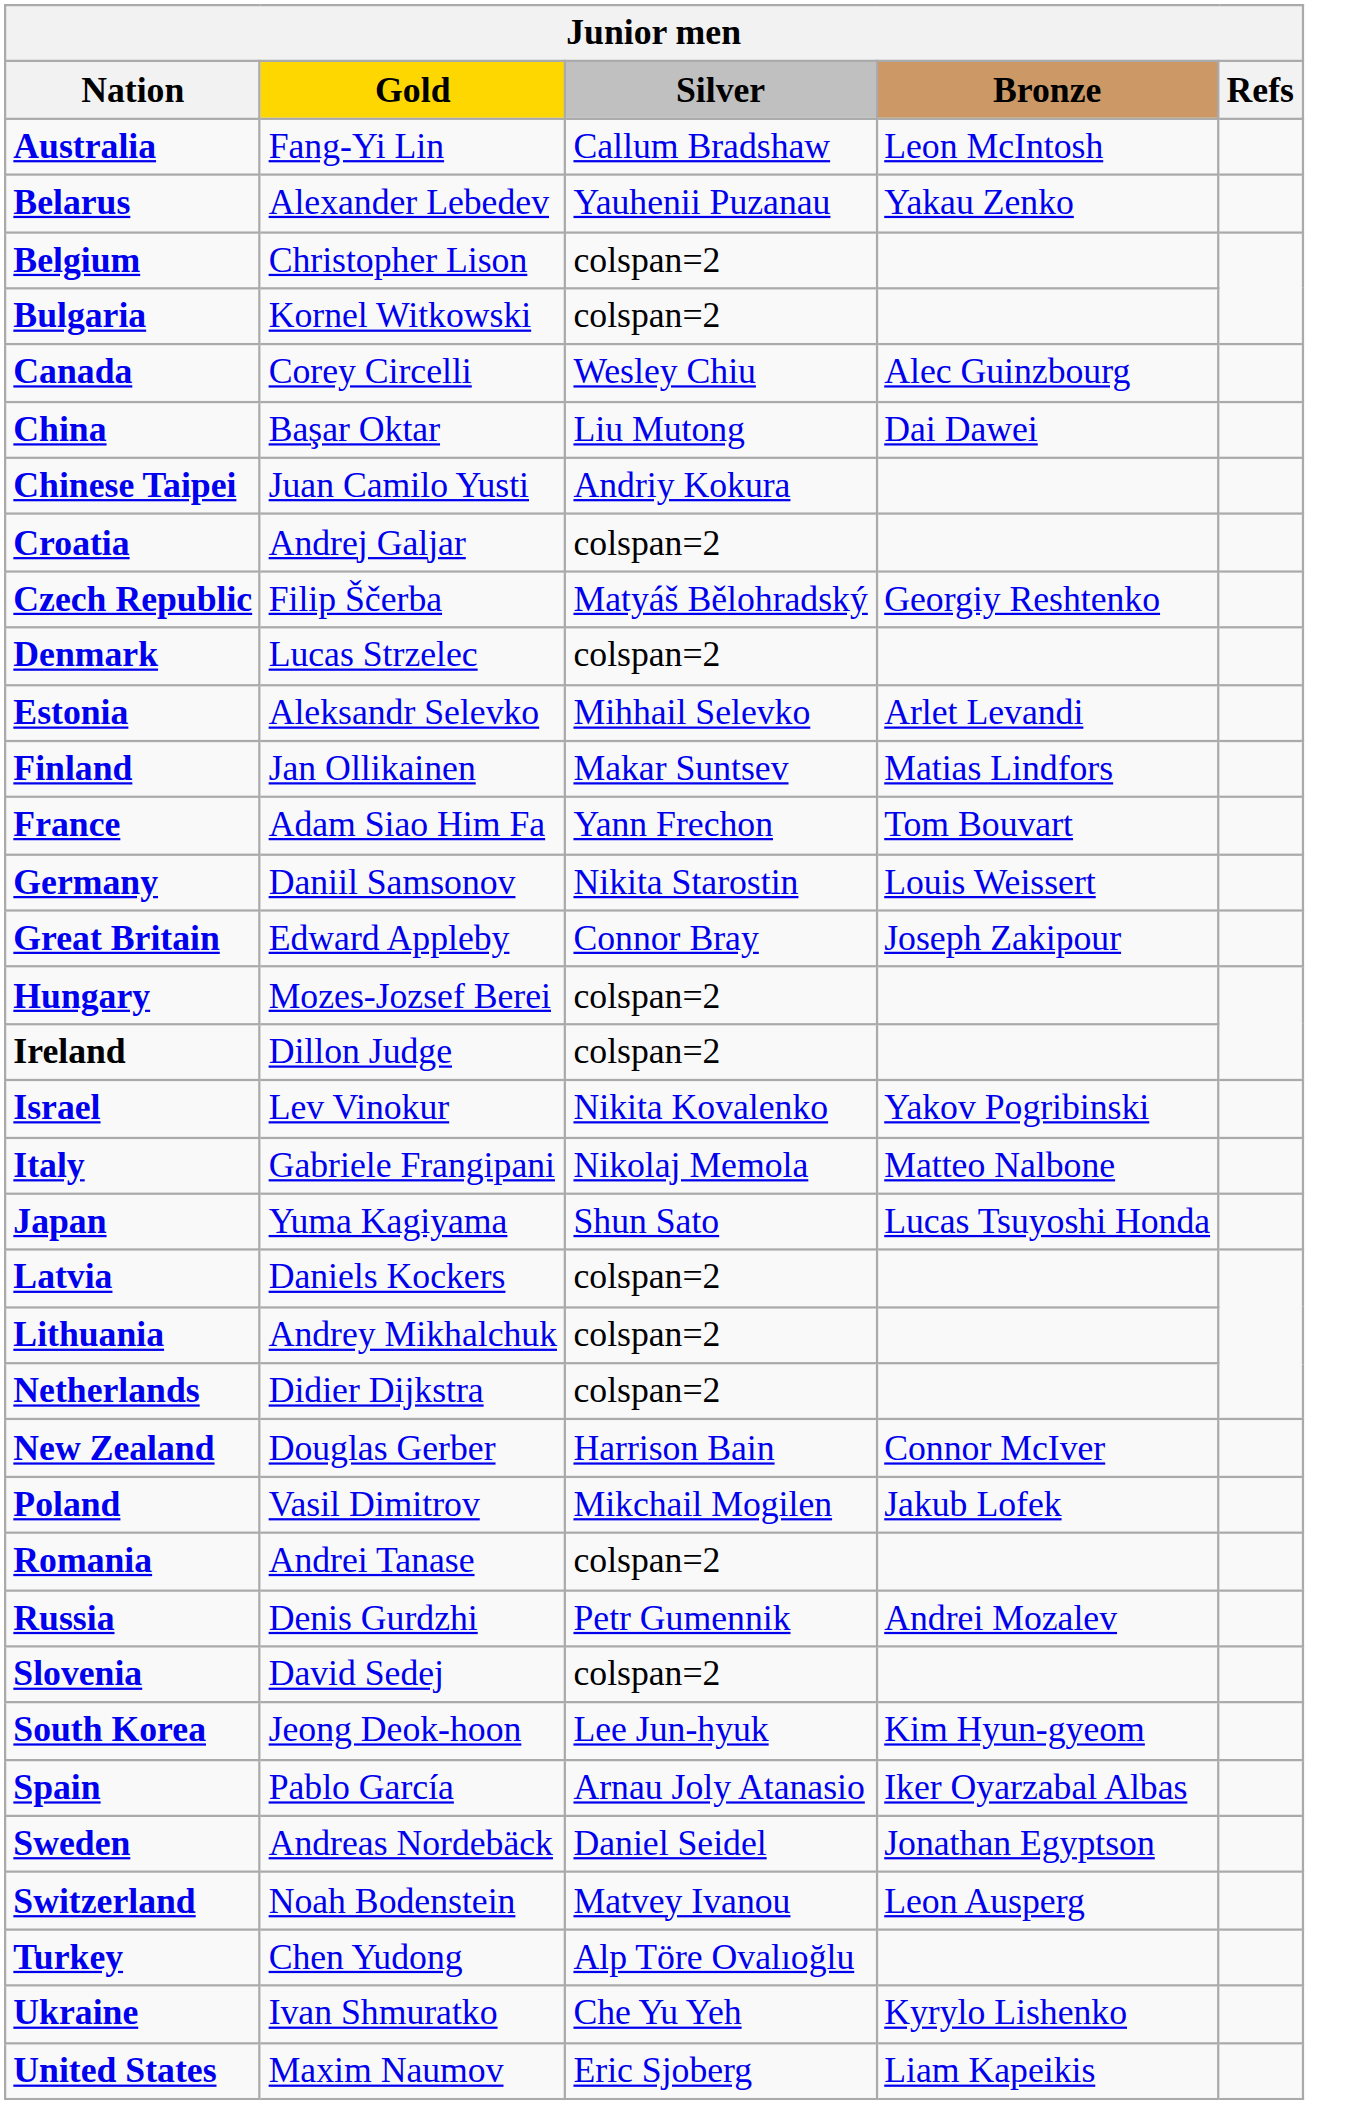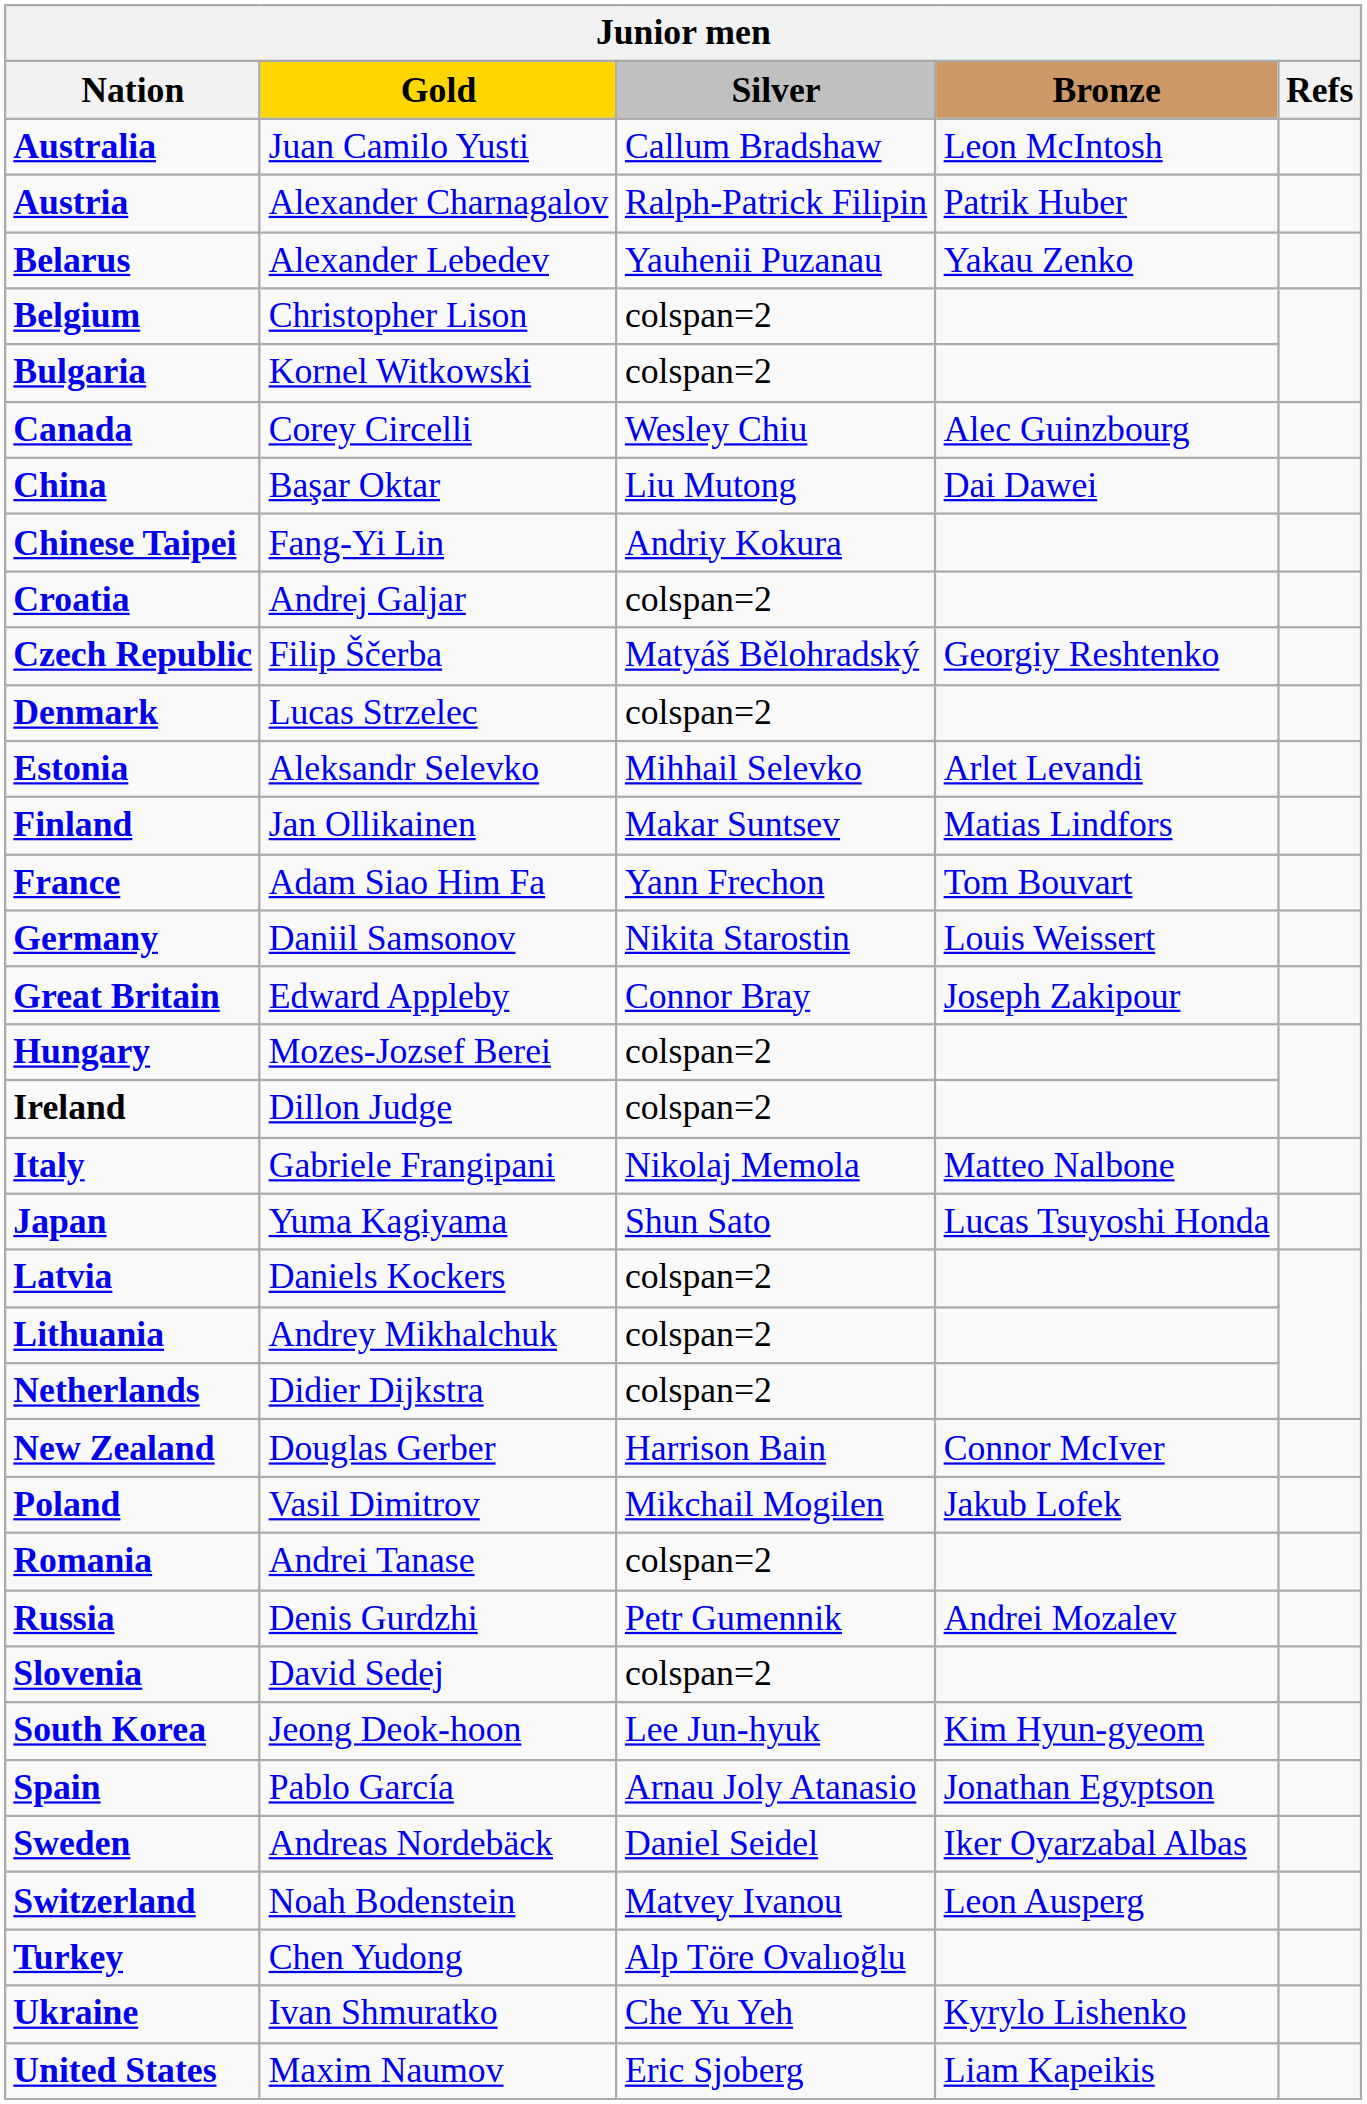 <table class="wikitable">
 <tr>
 <th colspan=5>Junior men</th>
 </tr>
 <tr>
 <th>Nation</th>
 <td style="text-align:center; background:gold;"><strong>Gold</strong></td>
 <td style="text-align:center; background:silver;"><strong>Silver</strong></td>
 <td style="text-align:center; background:#c96;"><strong>Bronze</strong></td>
 <th>Refs</th>
 </tr>
 <tr>
 <td><strong> <a href='#'>Australia</a></strong></td>
-<td><a href='#'>Fang-Yi Lin</a></td>
+<td><a href='#'>Juan Camilo Yusti</a></td>
 <td><a href='#'>Callum Bradshaw</a></td>
 <td><a href='#'>Leon McIntosh</a></td>
+<td></td>
+</tr>
+<tr>
+<td><strong> <a href='#'>Austria</a></strong></td>
+<td><a href='#'>Alexander Charnagalov</a></td>
+<td><a href='#'>Ralph-Patrick Filipin</a></td>
+<td><a href='#'>Patrik Huber</a></td>
 <td></td>
 </tr>
 <tr>
 <td><strong> <a href='#'>Belarus</a></strong></td>
 <td><a href='#'>Alexander Lebedev</a></td>
 <td><a href='#'>Yauhenii Puzanau</a></td>
 <td><a href='#'>Yakau Zenko</a></td>
 <td></td>
 </tr>
 <tr>
 <td><strong> <a href='#'>Belgium</a></strong></td>
 <td><a href='#'>Christopher Lison</a></td>
 <td>colspan=2 </td>
 <td></td>
 </tr>
 <tr>
 <td><strong> <a href='#'>Bulgaria</a></strong></td>
 <td><a href='#'>Kornel Witkowski</a></td>
 <td>colspan=2 </td>
 <td></td>
 </tr>
 <tr>
 <td><strong> <a href='#'>Canada</a></strong></td>
 <td><a href='#'>Corey Circelli</a></td>
 <td><a href='#'>Wesley Chiu</a></td>
 <td><a href='#'>Alec Guinzbourg</a></td>
 <td></td>
 </tr>
 <tr>
 <td><strong> <a href='#'>China</a></strong></td>
 <td><a href='#'>Başar Oktar</a></td>
 <td><a href='#'>Liu Mutong</a></td>
 <td><a href='#'>Dai Dawei</a></td>
 <td></td>
 </tr>
 <tr>
 <td><strong> <a href='#'>Chinese Taipei</a></strong></td>
-<td><a href='#'>Juan Camilo Yusti</a></td>
+<td><a href='#'>Fang-Yi Lin</a></td>
 <td><a href='#'>Andriy Kokura</a></td>
 <td></td>
 <td></td>
 </tr>
 <tr>
 <td><strong> <a href='#'>Croatia</a></strong></td>
 <td><a href='#'>Andrej Galjar</a></td>
 <td>colspan=2 </td>
 <td></td>
 </tr>
 <tr>
 <td><strong> <a href='#'>Czech Republic</a></strong></td>
 <td><a href='#'>Filip Ščerba</a></td>
 <td><a href='#'>Matyáš Bělohradský</a></td>
 <td><a href='#'>Georgiy Reshtenko</a></td>
 <td></td>
 </tr>
 <tr>
 <td><strong> <a href='#'>Denmark</a></strong></td>
 <td><a href='#'>Lucas Strzelec</a></td>
 <td>colspan=2 </td>
 <td></td>
 </tr>
 <tr>
 <td><strong> <a href='#'>Estonia</a></strong></td>
 <td><a href='#'>Aleksandr Selevko</a></td>
 <td><a href='#'>Mihhail Selevko</a></td>
 <td><a href='#'>Arlet Levandi</a></td>
 <td></td>
 </tr>
 <tr>
 <td><strong> <a href='#'>Finland</a></strong></td>
 <td><a href='#'>Jan Ollikainen</a></td>
 <td><a href='#'>Makar Suntsev</a></td>
 <td><a href='#'>Matias Lindfors</a></td>
 <td></td>
 </tr>
 <tr>
 <td><strong> <a href='#'>France</a></strong></td>
 <td><a href='#'>Adam Siao Him Fa</a></td>
 <td><a href='#'>Yann Frechon</a></td>
 <td><a href='#'>Tom Bouvart</a></td>
 <td></td>
 </tr>
 <tr>
 <td><strong> <a href='#'>Germany</a></strong></td>
 <td><a href='#'>Daniil Samsonov</a></td>
 <td><a href='#'>Nikita Starostin</a></td>
 <td><a href='#'>Louis Weissert</a></td>
 <td></td>
 </tr>
 <tr>
 <td><strong> <a href='#'>Great Britain</a></strong></td>
 <td><a href='#'>Edward Appleby</a></td>
 <td><a href='#'>Connor Bray</a></td>
 <td><a href='#'>Joseph Zakipour</a></td>
 <td></td>
 </tr>
 <tr>
 <td><strong> <a href='#'>Hungary</a></strong></td>
 <td><a href='#'>Mozes-Jozsef Berei</a></td>
 <td>colspan=2 </td>
 <td></td>
 </tr>
 <tr>
 <td><strong> Ireland</strong></td>
 <td><a href='#'>Dillon Judge</a></td>
 <td>colspan=2 </td>
-<td></td>
-</tr>
-<tr>
-<td><strong> <a href='#'>Israel</a></strong></td>
-<td><a href='#'>Lev Vinokur</a></td>
-<td><a href='#'>Nikita Kovalenko</a></td>
-<td><a href='#'>Yakov Pogribinski</a></td>
 <td></td>
 </tr>
 <tr>
 <td><strong> <a href='#'>Italy</a></strong></td>
 <td><a href='#'>Gabriele Frangipani</a></td>
 <td><a href='#'>Nikolaj Memola</a></td>
 <td><a href='#'>Matteo Nalbone</a></td>
 <td></td>
 </tr>
 <tr>
 <td><strong> <a href='#'>Japan</a></strong></td>
 <td><a href='#'>Yuma Kagiyama</a></td>
 <td><a href='#'>Shun Sato</a></td>
 <td><a href='#'>Lucas Tsuyoshi Honda</a></td>
 <td></td>
 </tr>
 <tr>
 <td><strong> <a href='#'>Latvia</a></strong></td>
 <td><a href='#'>Daniels Kockers</a></td>
 <td>colspan=2 </td>
 <td></td>
 </tr>
 <tr>
 <td><strong> <a href='#'>Lithuania</a></strong></td>
 <td><a href='#'>Andrey Mikhalchuk</a></td>
 <td>colspan=2 </td>
 <td></td>
 </tr>
 <tr>
 <td><strong> <a href='#'>Netherlands</a></strong></td>
 <td><a href='#'>Didier Dijkstra</a></td>
 <td>colspan=2 </td>
 <td></td>
 </tr>
 <tr>
 <td><strong> <a href='#'>New Zealand</a></strong></td>
 <td><a href='#'>Douglas Gerber</a></td>
 <td><a href='#'>Harrison Bain</a></td>
 <td><a href='#'>Connor McIver</a></td>
 <td></td>
 </tr>
 <tr>
 <td><strong> <a href='#'>Poland</a></strong></td>
 <td><a href='#'>Vasil Dimitrov</a></td>
 <td><a href='#'>Mikchail Mogilen</a></td>
 <td><a href='#'>Jakub Lofek</a></td>
 <td></td>
 </tr>
 <tr>
 <td><strong> <a href='#'>Romania</a></strong></td>
 <td><a href='#'>Andrei Tanase</a></td>
 <td>colspan=2 </td>
 <td></td>
 </tr>
 <tr>
 <td><strong> <a href='#'>Russia</a></strong></td>
 <td><a href='#'>Denis Gurdzhi</a></td>
 <td><a href='#'>Petr Gumennik</a></td>
 <td><a href='#'>Andrei Mozalev</a></td>
 <td></td>
 </tr>
 <tr>
 <td><strong> <a href='#'>Slovenia</a></strong></td>
 <td><a href='#'>David Sedej</a></td>
 <td>colspan=2 </td>
 <td></td>
 </tr>
 <tr>
 <td><strong> <a href='#'>South Korea</a></strong></td>
 <td><a href='#'>Jeong Deok-hoon</a></td>
 <td><a href='#'>Lee Jun-hyuk</a></td>
 <td><a href='#'>Kim Hyun-gyeom</a></td>
 <td></td>
 </tr>
 <tr>
 <td><strong> <a href='#'>Spain</a></strong></td>
 <td><a href='#'>Pablo García</a></td>
 <td><a href='#'>Arnau Joly Atanasio</a></td>
-<td><a href='#'>Iker Oyarzabal Albas</a></td>
+<td><a href='#'>Jonathan Egyptson</a></td>
 <td></td>
 </tr>
 <tr>
 <td><strong> <a href='#'>Sweden</a></strong></td>
 <td><a href='#'>Andreas Nordebäck</a></td>
 <td><a href='#'>Daniel Seidel</a></td>
-<td><a href='#'>Jonathan Egyptson</a></td>
+<td><a href='#'>Iker Oyarzabal Albas</a></td>
 <td></td>
 </tr>
 <tr>
 <td><strong> <a href='#'>Switzerland</a></strong></td>
 <td><a href='#'>Noah Bodenstein</a></td>
 <td><a href='#'>Matvey Ivanou</a></td>
 <td><a href='#'>Leon Ausperg</a></td>
 <td></td>
 </tr>
 <tr>
 <td><strong> <a href='#'>Turkey</a></strong></td>
 <td><a href='#'>Chen Yudong</a></td>
 <td><a href='#'>Alp Töre Ovalıoğlu</a></td>
 <td></td>
 <td></td>
 </tr>
 <tr>
 <td><strong> <a href='#'>Ukraine</a></strong></td>
 <td><a href='#'>Ivan Shmuratko</a></td>
 <td><a href='#'>Che Yu Yeh</a></td>
 <td><a href='#'>Kyrylo Lishenko</a></td>
 <td></td>
 </tr>
 <tr>
 <td><strong> <a href='#'>United States</a></strong></td>
 <td><a href='#'>Maxim Naumov</a></td>
 <td><a href='#'>Eric Sjoberg</a></td>
 <td><a href='#'>Liam Kapeikis</a></td>
 <td></td>
 </tr>
 </table>
